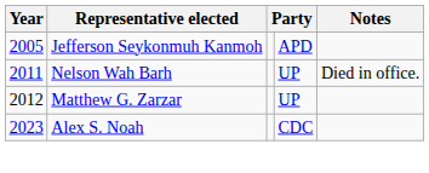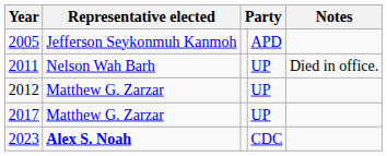 <table class="wikitable">
 <tr>
 <th>Year</th>
 <th>Representative elected</th>
 <th colspan=2>Party</th>
 <th>Notes</th>
 </tr>
 <tr>
 <td><a href='#'>2005</a></td>
 <td><a href='#'>Jefferson Seykonmuh Kanmoh</a></td>
 <td></td>
 <td><a href='#'>APD</a></td>
 <td></td>
 </tr>
 <tr>
 <td><a href='#'>2011</a></td>
 <td><a href='#'>Nelson Wah Barh</a></td>
 <td></td>
 <td><a href='#'>UP</a></td>
 <td>Died in office.</td>
 </tr>
 <tr>
 <td>2012</td>
 <td><a href='#'>Matthew G. Zarzar</a></td>
 <td></td>
 <td><a href='#'>UP</a></td>
 <td></td>
 </tr>
 <tr>
+<td><a href='#'>2017</a></td>
+<td><a href='#'>Matthew G. Zarzar</a></td>
+<td></td>
+<td><a href='#'>UP</a></td>
+<td></td>
+</tr>
+<tr>
 <td><a href='#'>2023</a></td>
-<td><a href='#'>Alex S. Noah</a></td>
+<td><strong><a href='#'>Alex S. Noah</a></strong></td>
 <td></td>
 <td><a href='#'>CDC</a></td>
 <td></td>
 </tr>
 </table>
